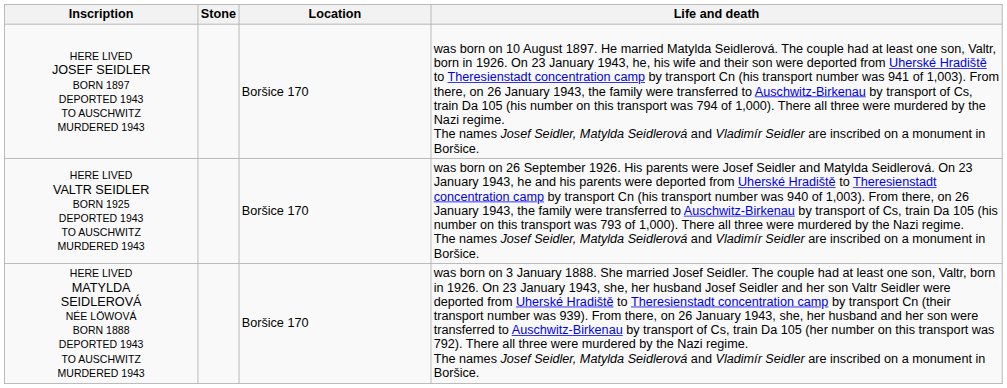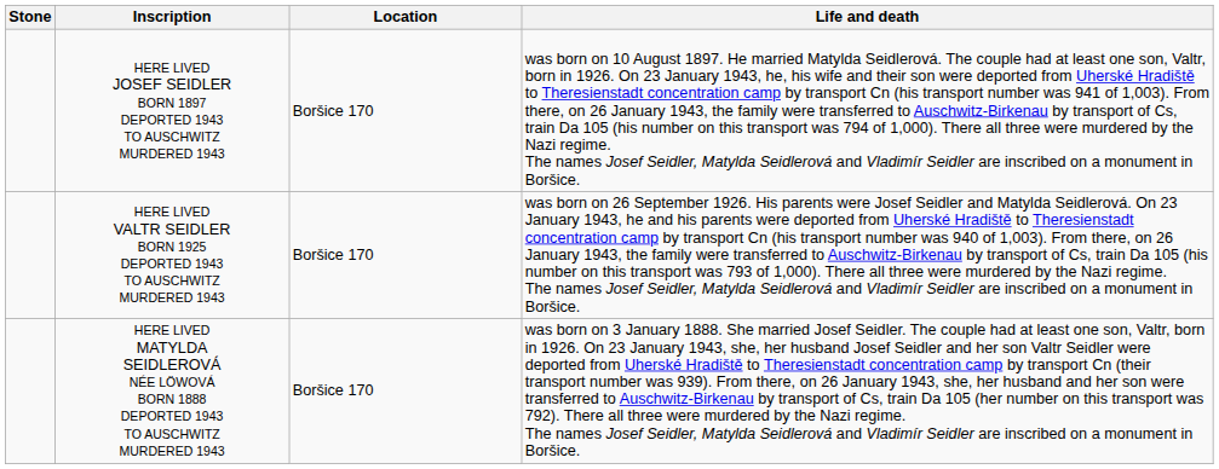 <table class="wikitable sortable toptextcells" style="width:100%">
 <tr>
+<th class="hintergrundfarbe6 unsortable" width="120px">Stone</th>
 <th class="hintergrundfarbe6 unsortable" style ="width:20%;">Inscription</th>
-<th class="hintergrundfarbe6 unsortable" width="120px">Stone</th>
 <th class="hintergrundfarbe6" data-sort-type="text" style ="width:20%;">Location</th>
 <th class="hintergrundfarbe6" style="width:100%;">Life and death</th>
 </tr>
 <tr>
+<td></td>
 <td style="text-align:center"><div><small>HERE LIVED</small><br>JOSEF SEIDLER<br><small>BORN 1897<br>DEPORTED 1943<br>TO AUSCHWITZ<br>MURDERED 1943</small></div></td>
-<td></td>
 <td>Boršice 170<br></td>
 <td><br><strong></strong> was born on 10 August 1897. He married Matylda Seidlerová. The couple had at least one son, Valtr, born in 1926. On 23 January 1943, he, his wife and their son were deported from <a href='#'>Uherské Hradiště</a> to <a href='#'>Theresienstadt concentration camp</a> by transport Cn (his transport number was 941 of 1,003). From there, on 26 January 1943, the family were transferred to <a href='#'>Auschwitz-Birkenau</a> by transport of Cs, train Da 105 (his number on this transport was 794 of 1,000). There all three were murdered by the Nazi regime.<br>The names <em>Josef Seidler, Matylda Seidlerová</em> and <em>Vladimír Seidler</em> are inscribed on a monument in Boršice.</td>
 </tr>
 <tr>
+<td></td>
 <td style="text-align:center"><div><small>HERE LIVED</small><br>VALTR SEIDLER<br><small>BORN 1925<br>DEPORTED 1943<br>TO AUSCHWITZ<br>MURDERED 1943</small></div></td>
-<td></td>
 <td>Boršice 170<br></td>
 <td><strong></strong> was born on 26 September 1926. His parents were Josef Seidler and Matylda Seidlerová. On 23 January 1943, he and his parents were deported from <a href='#'>Uherské Hradiště</a> to <a href='#'>Theresienstadt concentration camp</a> by transport Cn (his transport number was 940 of 1,003). From there, on 26 January 1943, the family were transferred to <a href='#'>Auschwitz-Birkenau</a> by transport of Cs, train Da 105 (his number on this transport was 793 of 1,000). There all three were murdered by the Nazi regime.<br>The names <em>Josef Seidler, Matylda Seidlerová</em> and <em>Vladimír Seidler</em> are inscribed on a monument in Boršice.</td>
 </tr>
 <tr>
+<td></td>
 <td style="text-align:center"><div><small>HERE LIVED</small><br>MATYLDA<br>SEIDLEROVÁ<br><small>NÉE LÖWOVÁ<br>BORN 1888<br>DEPORTED 1943<br>TO AUSCHWITZ<br>MURDERED 1943</small></div></td>
-<td></td>
 <td>Boršice 170<br></td>
 <td><strong></strong> was born on 3 January 1888. She married Josef Seidler. The couple had at least one son, Valtr, born in 1926. On 23 January 1943, she, her husband Josef Seidler and her son Valtr Seidler were deported from <a href='#'>Uherské Hradiště</a> to <a href='#'>Theresienstadt concentration camp</a> by transport Cn  (their transport number was 939). From there, on 26 January 1943, she, her husband and her son were transferred to <a href='#'>Auschwitz-Birkenau</a> by transport of Cs, train Da 105 (her number on this transport was 792). There all three were murdered by the Nazi regime.<br>The names <em>Josef Seidler, Matylda Seidlerová</em> and <em>Vladimír Seidler</em> are inscribed on a monument in Boršice.</td>
 </tr>
 </table>
